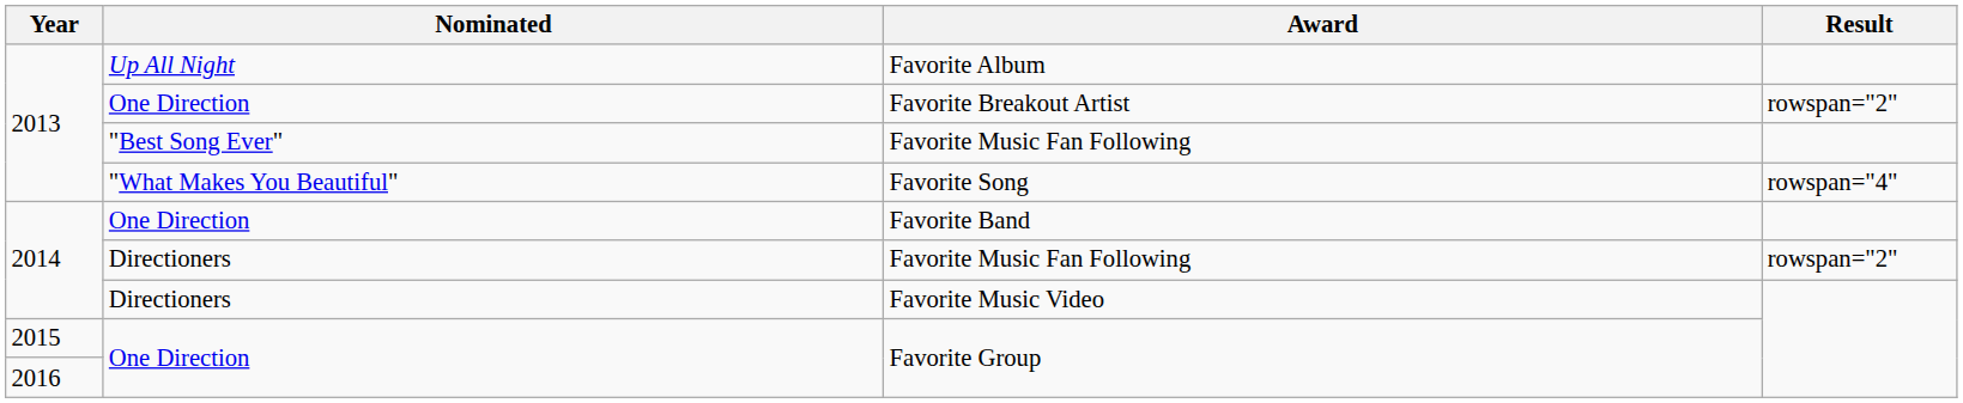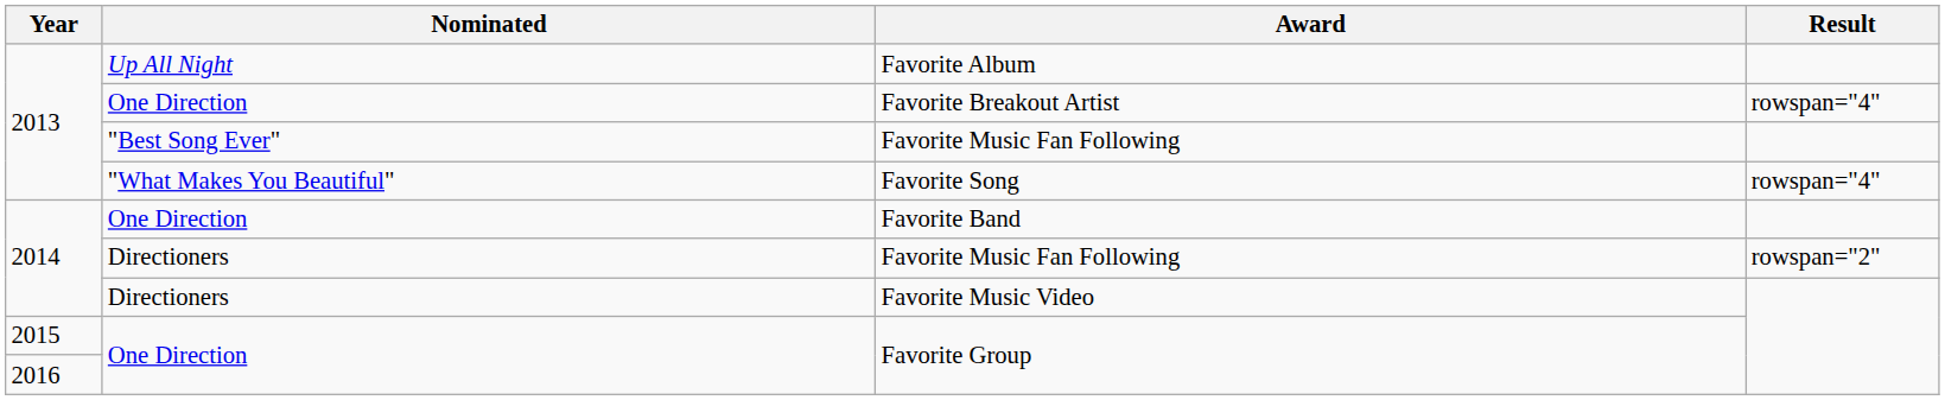 <table class="wikitable" style="width:100%;">
 <tr>
 <th width=5%>Year</th>
 <th style="width:40%;">Nominated</th>
 <th style="width:45%;">Award</th>
 <th style="width:10%;">Result</th>
 </tr>
 <tr>
 <td rowspan="4">2013</td>
 <td><em><a href='#'>Up All Night</a></em></td>
 <td>Favorite Album</td>
 <td></td>
 </tr>
 <tr>
 <td><a href='#'>One Direction</a></td>
 <td>Favorite Breakout Artist</td>
-<td>rowspan="2" </td>
+<td>rowspan="4" </td>
 </tr>
 <tr>
 <td>"<a href='#'>Best Song Ever</a>"</td>
 <td>Favorite Music Fan Following</td>
 </tr>
 <tr>
 <td>"<a href='#'>What Makes You Beautiful</a>"</td>
 <td>Favorite Song</td>
 <td>rowspan="4" </td>
 </tr>
 <tr>
 <td rowspan="3">2014</td>
 <td><a href='#'>One Direction</a></td>
 <td>Favorite Band</td>
 </tr>
 <tr>
 <td>Directioners</td>
 <td>Favorite Music Fan Following</td>
 <td>rowspan="2" </td>
 </tr>
 <tr>
 <td>Directioners</td>
 <td>Favorite Music Video</td>
 </tr>
 <tr>
 <td>2015</td>
 <td rowspan="2"><a href='#'>One Direction</a></td>
 <td rowspan="2">Favorite Group</td>
 </tr>
 <tr>
 <td>2016</td>
 </tr>
 </table>
